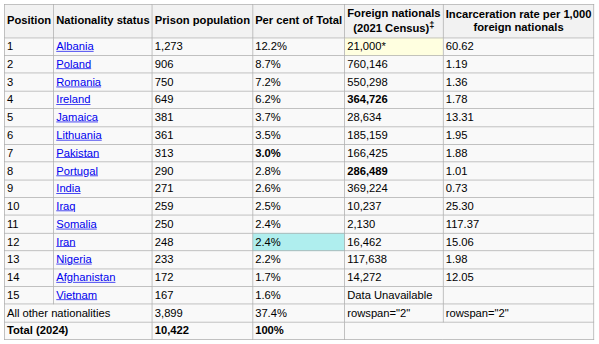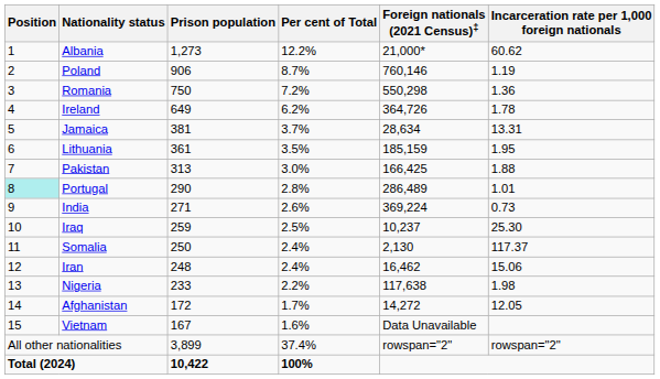 <table class="wikitable sortable">
 <tr>
 <th>Position</th>
 <th>Nationality status</th>
 <th>Prison population</th>
 <th>Per cent of Total</th>
 <th>Foreign nationals<br> (2021 Census)<sup>‡</sup></th>
 <th>Incarceration rate per 1,000<br> foreign nationals</th>
 </tr>
 <tr>
 <td>1</td>
 <td> <a href='#'>Albania</a></td>
 <td>1,273</td>
 <td>12.2%</td>
-<td style="background: lightyellow;">21,000*</td>
+<td>21,000*</td>
 <td>60.62</td>
 </tr>
 <tr>
 <td>2</td>
 <td> <a href='#'>Poland</a></td>
 <td>906</td>
 <td>8.7%</td>
 <td>760,146</td>
 <td>1.19</td>
 </tr>
 <tr>
 <td>3</td>
 <td> <a href='#'>Romania</a></td>
 <td>750</td>
 <td>7.2%</td>
 <td>550,298</td>
 <td>1.36</td>
 </tr>
 <tr>
 <td>4</td>
 <td> <a href='#'>Ireland</a></td>
 <td>649</td>
 <td>6.2%</td>
-<td><strong>364,726</strong></td>
+<td>364,726</td>
 <td>1.78</td>
 </tr>
 <tr>
 <td>5</td>
 <td> <a href='#'>Jamaica</a></td>
 <td>381</td>
 <td>3.7%</td>
 <td>28,634</td>
 <td>13.31</td>
 </tr>
 <tr>
 <td>6</td>
 <td> <a href='#'>Lithuania</a></td>
 <td>361</td>
 <td>3.5%</td>
 <td>185,159</td>
 <td>1.95</td>
 </tr>
 <tr>
 <td>7</td>
 <td> <a href='#'>Pakistan</a></td>
 <td>313</td>
-<td><strong>3.0%</strong></td>
+<td>3.0%</td>
 <td>166,425</td>
 <td>1.88</td>
 </tr>
 <tr>
-<td>8</td>
+<td style="background: paleturquoise;">8</td>
 <td> <a href='#'>Portugal</a></td>
 <td>290</td>
 <td>2.8%</td>
-<td><strong>286,489</strong></td>
+<td>286,489</td>
 <td>1.01</td>
 </tr>
 <tr>
 <td>9</td>
 <td> <a href='#'>India</a></td>
 <td>271</td>
 <td>2.6%</td>
 <td>369,224</td>
 <td>0.73</td>
 </tr>
 <tr>
 <td>10</td>
 <td> <a href='#'>Iraq</a></td>
 <td>259</td>
 <td>2.5%</td>
 <td>10,237</td>
 <td>25.30</td>
 </tr>
 <tr>
 <td>11</td>
 <td> <a href='#'>Somalia</a></td>
 <td>250</td>
 <td>2.4%</td>
 <td>2,130</td>
 <td>117.37</td>
 </tr>
 <tr>
 <td>12</td>
 <td> <a href='#'>Iran</a></td>
 <td>248</td>
-<td style="background: paleturquoise;">2.4%</td>
+<td>2.4%</td>
 <td>16,462</td>
 <td>15.06</td>
 </tr>
 <tr>
 <td>13</td>
 <td> <a href='#'>Nigeria</a></td>
 <td>233</td>
 <td>2.2%</td>
 <td>117,638</td>
 <td>1.98</td>
 </tr>
 <tr>
 <td>14</td>
 <td> <a href='#'>Afghanistan</a></td>
 <td>172</td>
 <td>1.7%</td>
 <td>14,272</td>
 <td>12.05</td>
 </tr>
 <tr>
 <td>15</td>
 <td> <a href='#'>Vietnam</a></td>
 <td>167</td>
 <td>1.6%</td>
 <td>Data Unavailable</td>
 <td></td>
 </tr>
 <tr>
 <td colspan="2">All other nationalities</td>
 <td>3,899</td>
 <td>37.4%</td>
 <td>rowspan="2" </td>
 <td>rowspan="2" </td>
 </tr>
 <tr>
 <td colspan="2"><strong>Total (2024)</strong></td>
 <td><strong>10,422</strong></td>
 <td><strong>100%</strong></td>
 </tr>
 </table>
